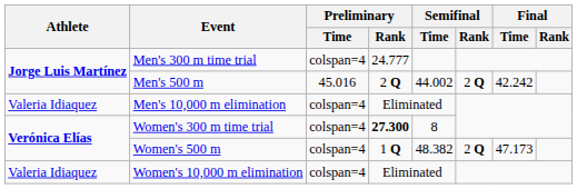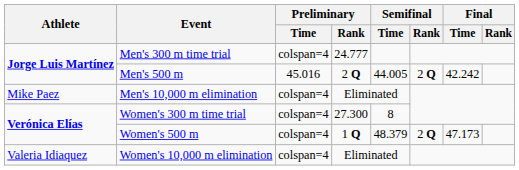 <table class=wikitable style=font-size:90%;text-align:center>
 <tr>
 <th rowspan=2>Athlete</th>
 <th rowspan=2>Event</th>
 <th colspan=2>Preliminary</th>
 <th colspan=2>Semifinal</th>
 <th colspan=2>Final</th>
 </tr>
 <tr style=font-size:95%>
 <th>Time</th>
 <th>Rank</th>
 <th>Time</th>
 <th>Rank</th>
 <th>Time</th>
 <th>Rank</th>
 </tr>
 <tr>
 <td align=left rowspan=2><strong><a href='#'>Jorge Luis Martínez</a></strong></td>
 <td align=left><a href='#'>Men's 300 m time trial</a></td>
 <td>colspan=4 </td>
 <td>24.777</td>
 <td></td>
 </tr>
 <tr>
 <td align=left><a href='#'>Men's 500 m</a></td>
 <td>45.016</td>
 <td>2 <strong>Q</strong></td>
-<td>44.002</td>
+<td>44.005</td>
 <td>2 <strong>Q</strong></td>
 <td>42.242</td>
 <td></td>
 </tr>
 <tr>
-<td align=left><a href='#'>Valeria Idiaquez</a></td>
+<td align=left><a href='#'>Mike Paez</a></td>
 <td align=left><a href='#'>Men's 10,000 m elimination</a></td>
 <td>colspan=4 </td>
 <td colspan=2>Eliminated</td>
 </tr>
 <tr>
 <td align=left rowspan=2><strong><a href='#'>Verónica Elías</a></strong></td>
 <td align=left><a href='#'>Women's 300 m time trial</a></td>
 <td>colspan=4 </td>
-<td><strong>27.300</strong></td>
+<td>27.300</td>
 <td>8</td>
 </tr>
 <tr>
 <td align=left><a href='#'>Women's 500 m</a></td>
 <td>colspan=4 </td>
 <td>1 <strong>Q</strong></td>
-<td>48.382</td>
+<td>48.379</td>
 <td>2 <strong>Q</strong></td>
 <td>47.173</td>
 <td></td>
 </tr>
 <tr>
 <td align=left><a href='#'>Valeria Idiaquez</a></td>
 <td align=left><a href='#'>Women's 10,000 m elimination</a></td>
 <td>colspan=4 </td>
 <td colspan=2>Eliminated</td>
 </tr>
 </table>
